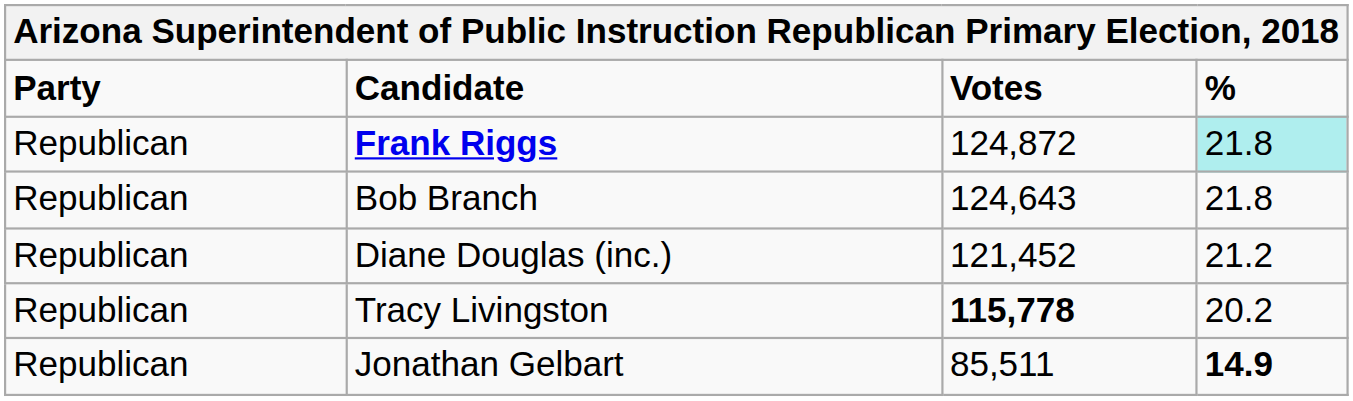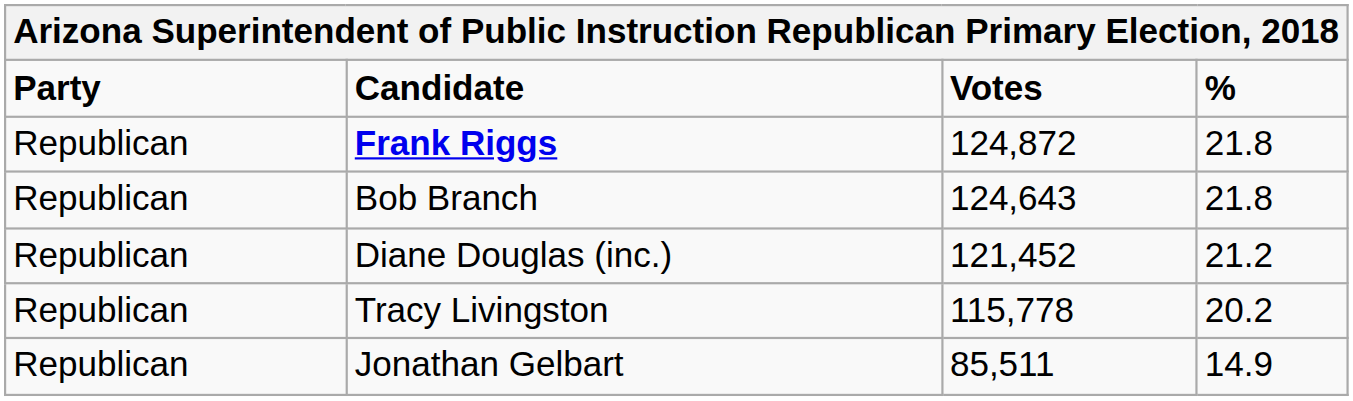 <table class="wikitable">
 <tr>
 <th colspan="4">Arizona Superintendent of Public Instruction Republican Primary Election, 2018</th>
 </tr>
 <tr>
 <td><strong>Party</strong></td>
 <td><strong>Candidate</strong></td>
 <td><strong>Votes</strong></td>
 <td><strong>%</strong></td>
 </tr>
 <tr>
 <td>Republican</td>
 <td><strong><a href='#'>Frank Riggs</a></strong></td>
 <td>124,872</td>
-<td style="background: paleturquoise;">21.8</td>
+<td>21.8</td>
 </tr>
 <tr>
 <td>Republican</td>
 <td>Bob Branch</td>
 <td>124,643</td>
 <td>21.8</td>
 </tr>
 <tr>
 <td>Republican</td>
 <td>Diane Douglas (inc.)</td>
 <td>121,452</td>
 <td>21.2</td>
 </tr>
 <tr>
 <td>Republican</td>
 <td>Tracy Livingston</td>
-<td><strong>115,778</strong></td>
+<td>115,778</td>
 <td>20.2</td>
 </tr>
 <tr>
 <td>Republican</td>
 <td>Jonathan Gelbart</td>
 <td>85,511</td>
-<td><strong>14.9</strong></td>
+<td>14.9</td>
 </tr>
 </table>
